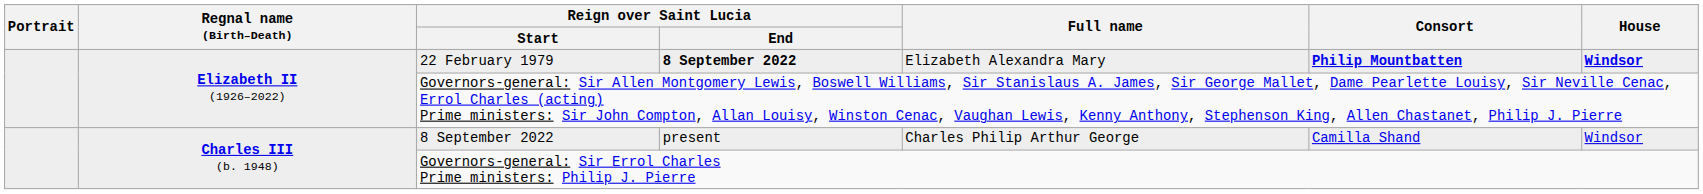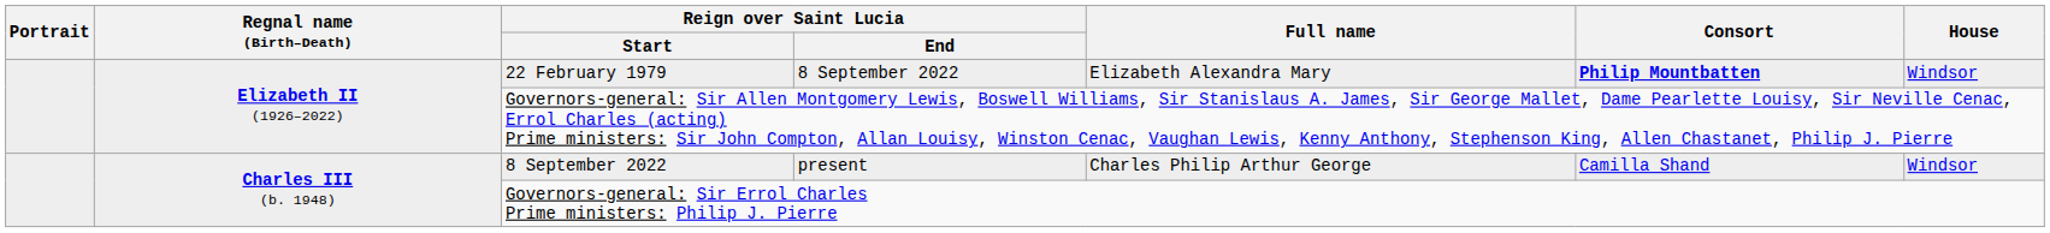 <table class="wikitable" style="width:100%;">
 <tr>
 <th rowspan="2">Portrait</th>
 <th rowspan="2" style="width:20%;">Regnal name<br><small>(Birth–Death)</small></th>
 <th colspan=2>Reign over Saint Lucia</th>
 <th rowspan="2">Full name</th>
 <th rowspan="2">Consort</th>
 <th rowspan="2">House</th>
 </tr>
 <tr>
 <th>Start</th>
 <th>End</th>
 </tr>
 <tr style="background:#eee;">
 <td rowspan="2" style="text-align:center;"></td>
 <td rowspan="2" style="text-align:center;"><strong><a href='#'>Elizabeth II</a></strong><br><small>(1926–2022)</small></td>
 <td>22 February 1979</td>
-<td><strong>8 September 2022</strong></td>
+<td>8 September 2022</td>
 <td>Elizabeth Alexandra Mary</td>
 <td><strong><a href='#'>Philip Mountbatten</a></strong></td>
-<td><strong><a href='#'>Windsor</a></strong></td>
+<td><a href='#'>Windsor</a></td>
 </tr>
 <tr>
 <td colspan="5"><u>Governors-general:</u> <a href='#'>Sir Allen Montgomery Lewis</a>, <a href='#'>Boswell Williams</a>, <a href='#'>Sir Stanislaus A. James</a>, <a href='#'>Sir George Mallet</a>, <a href='#'>Dame Pearlette Louisy</a>, <a href='#'>Sir Neville Cenac</a>, <a href='#'>Errol Charles (acting)</a><br><u>Prime ministers:</u> <a href='#'>Sir John Compton</a>, <a href='#'>Allan Louisy</a>, <a href='#'>Winston Cenac</a>, <a href='#'>Vaughan Lewis</a>, <a href='#'>Kenny Anthony</a>, <a href='#'>Stephenson King</a>, <a href='#'>Allen Chastanet</a>, <a href='#'>Philip J. Pierre</a></td>
 </tr>
 <tr style="background:#eee;">
 <td rowspan="2" style="text-align:center;"></td>
 <td rowspan="2" style="text-align:center;"><strong><a href='#'>Charles III</a></strong><br><small>(b. 1948)</small></td>
 <td>8 September 2022</td>
 <td>present</td>
 <td>Charles Philip Arthur George</td>
 <td><a href='#'>Camilla Shand</a></td>
 <td><a href='#'>Windsor</a></td>
 </tr>
 <tr>
 <td colspan="5"><u>Governors-general:</u> <a href='#'>Sir Errol Charles</a><br><u>Prime ministers:</u> <a href='#'>Philip J. Pierre</a></td>
 </tr>
 </table>
